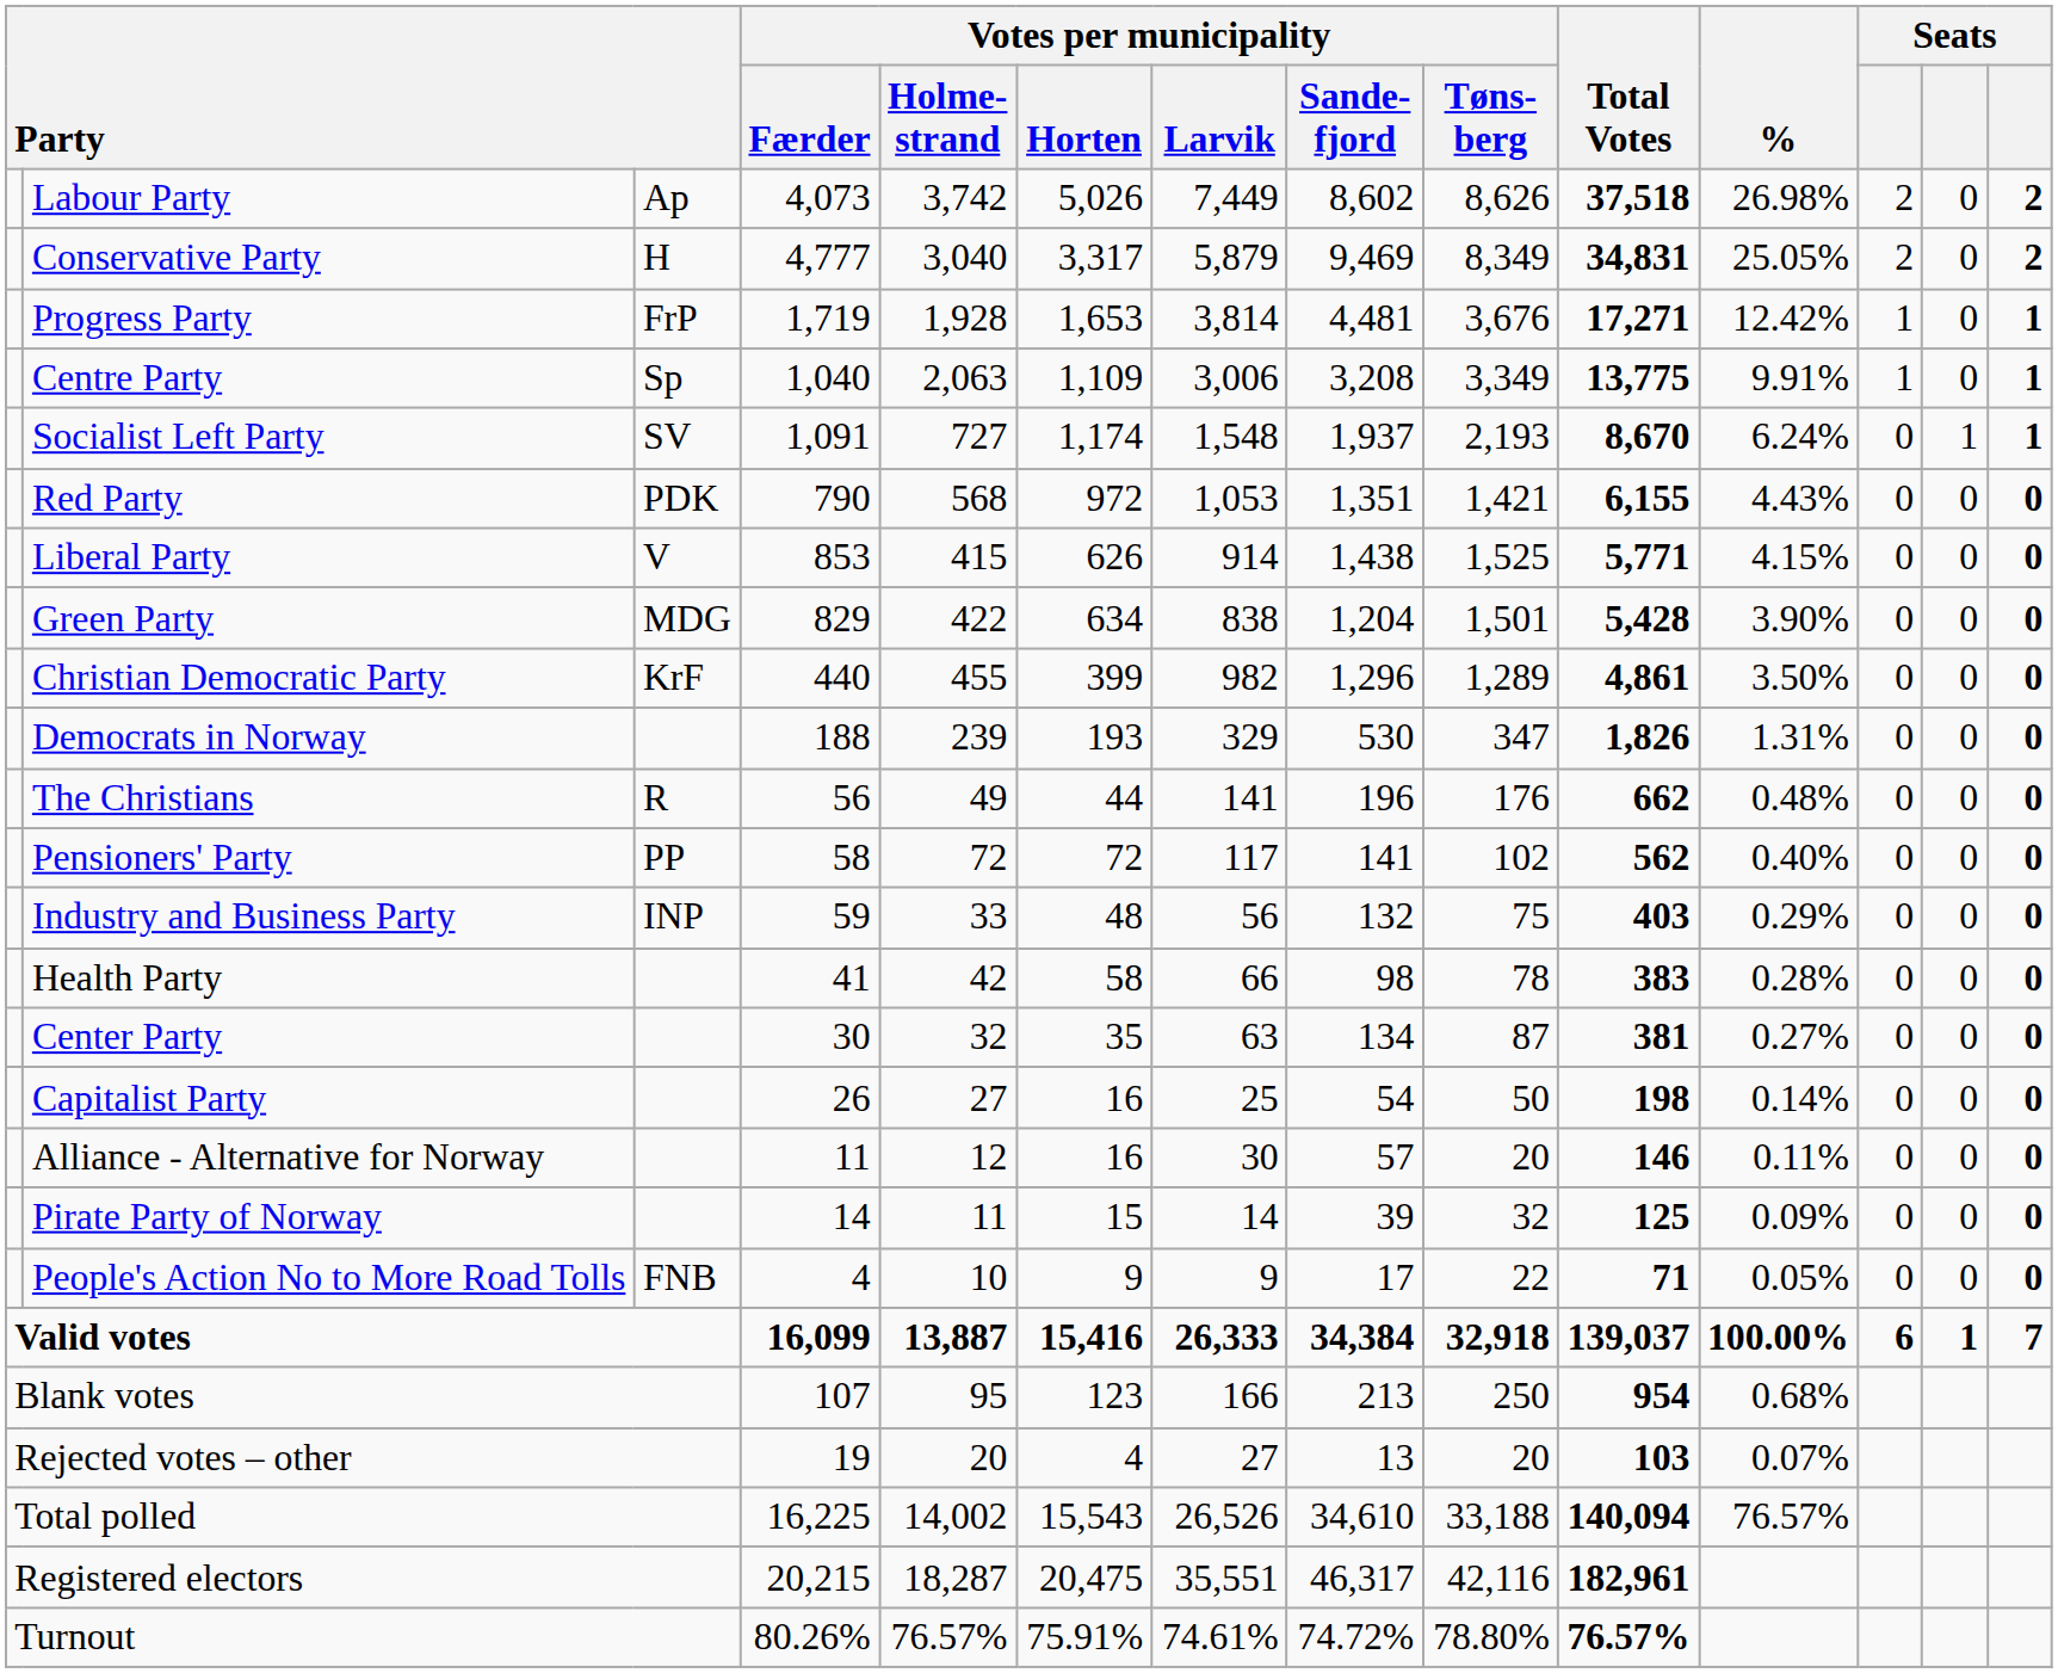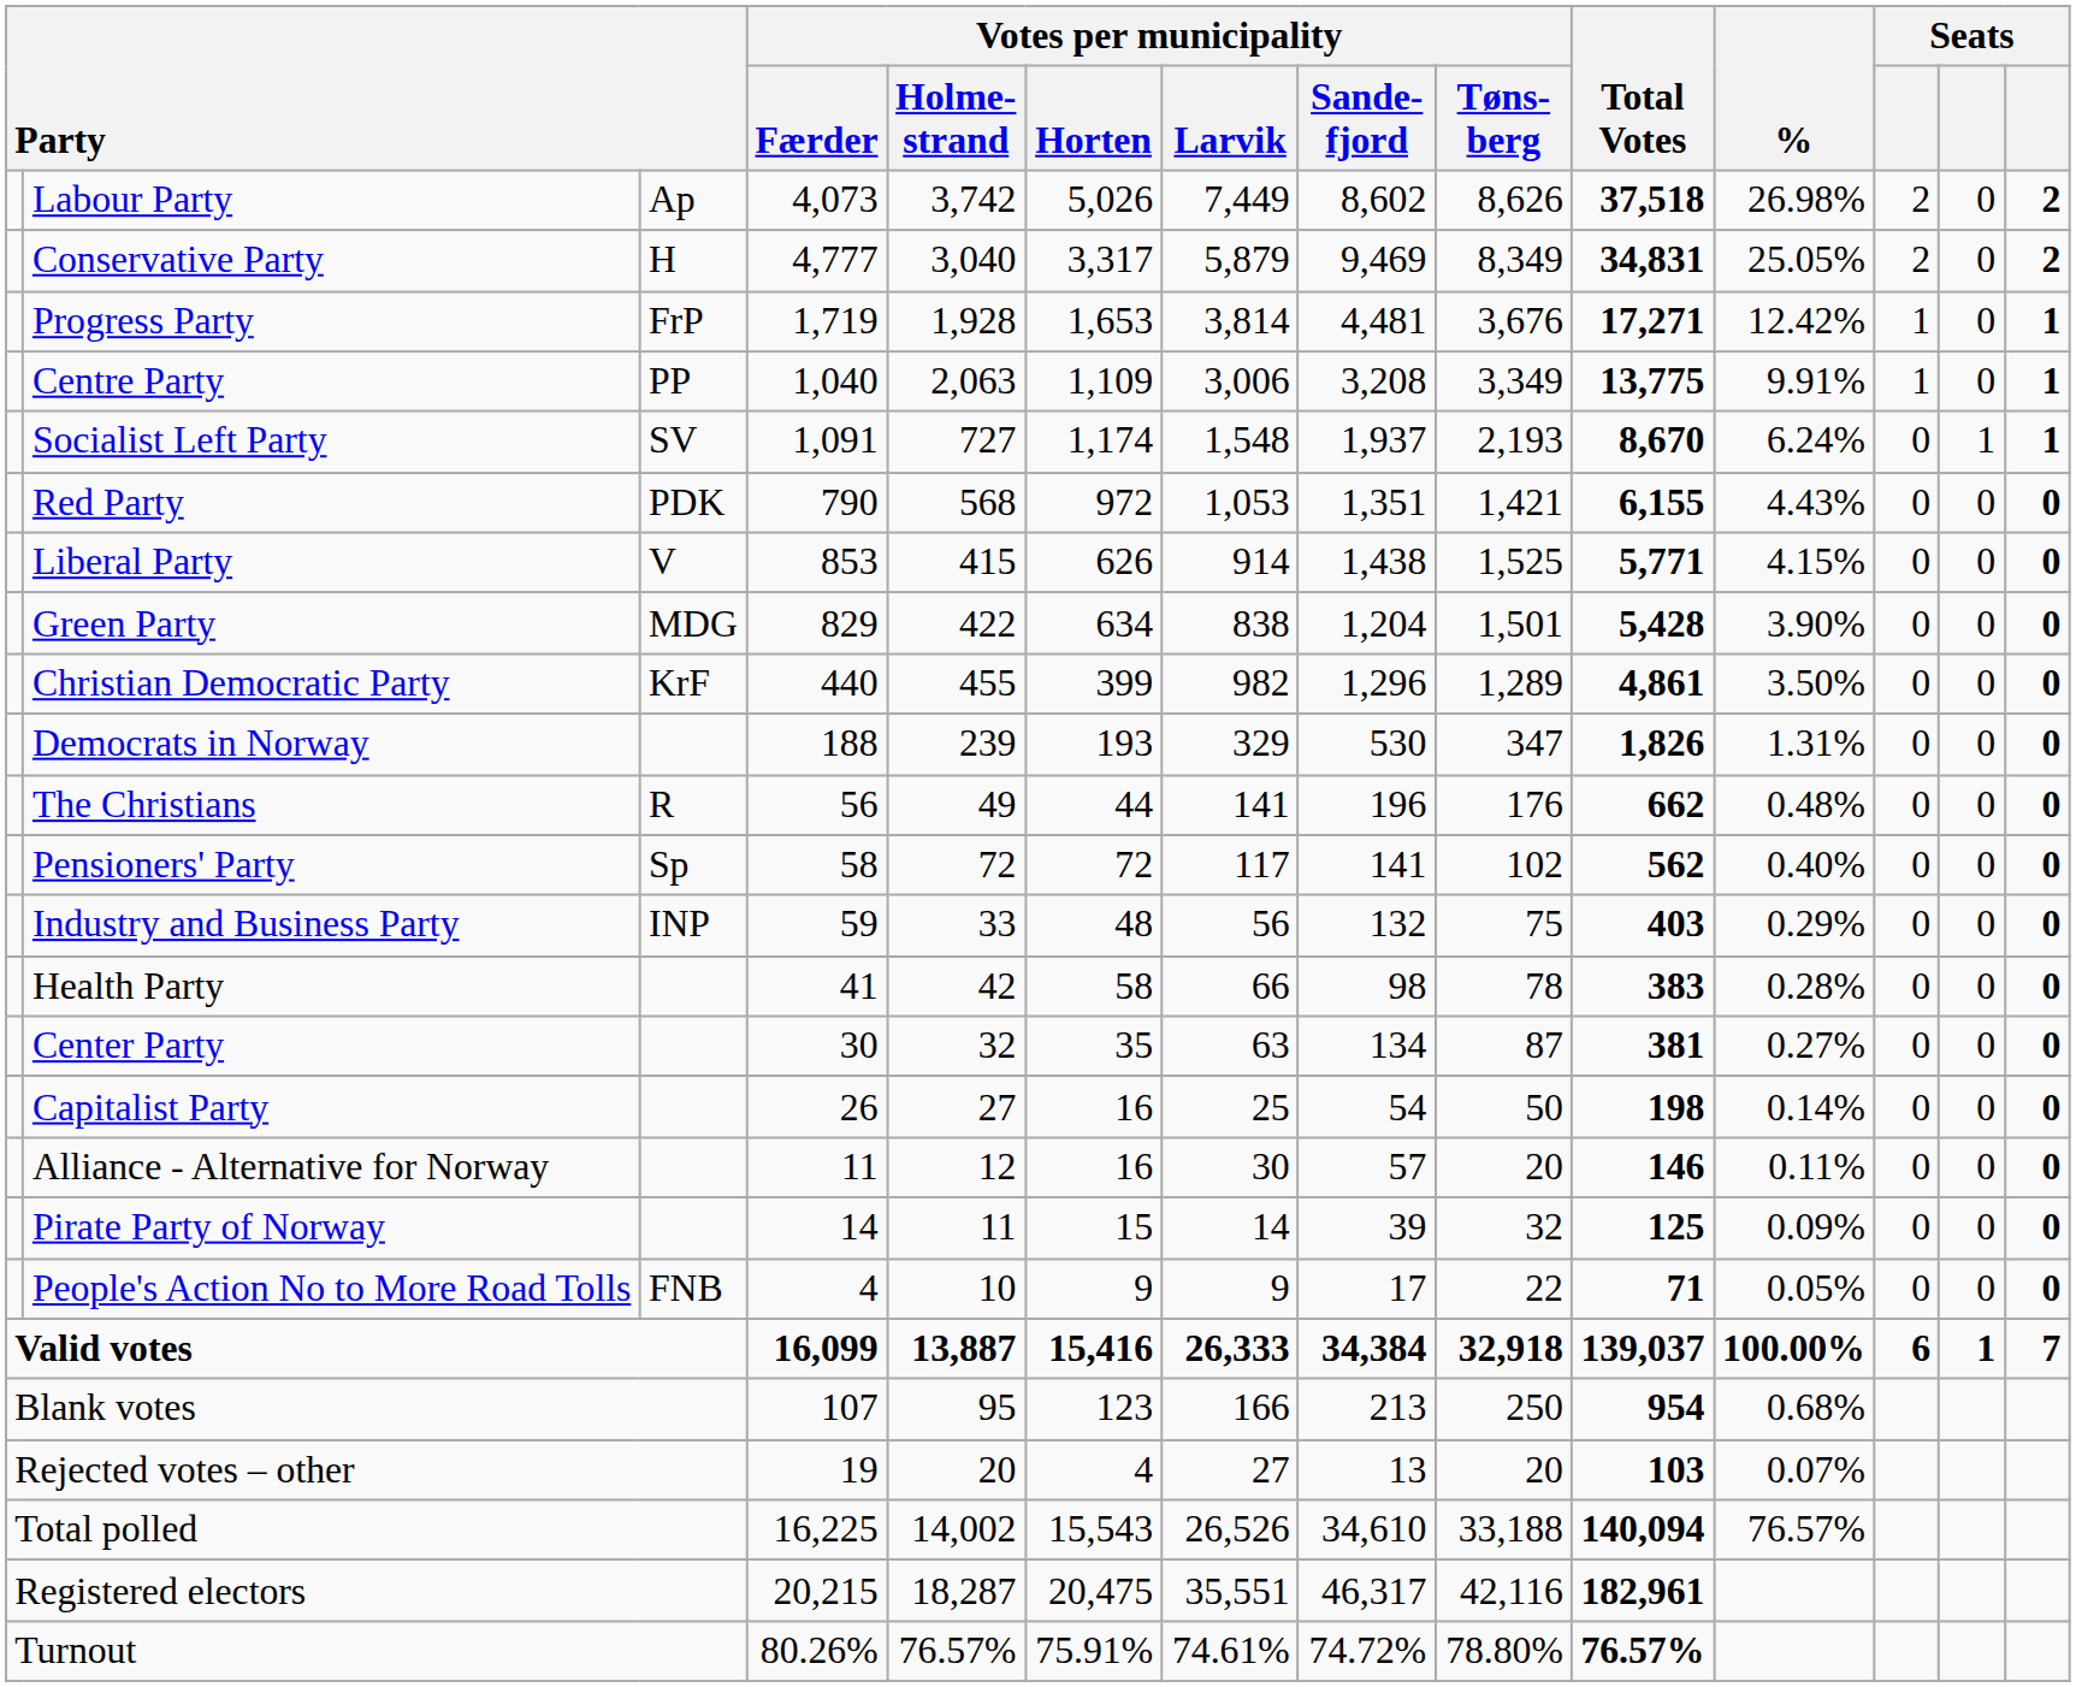 <table class="wikitable" border="1" style="text-align:right;">
 <tr>
 <th style="text-align:left;" valign=bottom rowspan=2 colspan=3>Party</th>
 <th colspan=6>Votes per municipality</th>
 <th align=center valign=bottom rowspan=2 width="50">Total Votes</th>
 <th align=center valign=bottom rowspan=2 width="50">%</th>
 <th colspan=3>Seats</th>
 </tr>
 <tr>
 <th align=center valign=bottom width="50"><a href='#'>Færder</a></th>
 <th align=center valign=bottom width="50"><a href='#'>Holme- strand</a></th>
 <th align=center valign=bottom width="50"><a href='#'>Horten</a></th>
 <th align=center valign=bottom width="50"><a href='#'>Larvik</a></th>
 <th align=center valign=bottom width="50"><a href='#'>Sande- fjord</a></th>
 <th align=center valign=bottom width="50"><a href='#'>Tøns- berg</a></th>
 <th align=center valign=bottom width="20"><small></small></th>
 <th align=center valign=bottom width="20"><small><a href='#'></a></small></th>
 <th align=center valign=bottom width="20"><small></small></th>
 </tr>
 <tr>
 <td style="color:inherit;background:"></td>
 <td align=left><a href='#'>Labour Party</a></td>
 <td align=left>Ap</td>
 <td>4,073</td>
 <td>3,742</td>
 <td>5,026</td>
 <td>7,449</td>
 <td>8,602</td>
 <td>8,626</td>
 <td><strong>37,518</strong></td>
 <td>26.98%</td>
 <td>2</td>
 <td>0</td>
 <td><strong>2</strong></td>
 </tr>
 <tr>
 <td style="color:inherit;background:"></td>
 <td align=left><a href='#'>Conservative Party</a></td>
 <td align=left>H</td>
 <td>4,777</td>
 <td>3,040</td>
 <td>3,317</td>
 <td>5,879</td>
 <td>9,469</td>
 <td>8,349</td>
 <td><strong>34,831</strong></td>
 <td>25.05%</td>
 <td>2</td>
 <td>0</td>
 <td><strong>2</strong></td>
 </tr>
 <tr>
 <td style="color:inherit;background:"></td>
 <td align=left><a href='#'>Progress Party</a></td>
 <td align=left>FrP</td>
 <td>1,719</td>
 <td>1,928</td>
 <td>1,653</td>
 <td>3,814</td>
 <td>4,481</td>
 <td>3,676</td>
 <td><strong>17,271</strong></td>
 <td>12.42%</td>
 <td>1</td>
 <td>0</td>
 <td><strong>1</strong></td>
 </tr>
 <tr>
 <td style="color:inherit;background:"></td>
 <td align=left><a href='#'>Centre Party</a></td>
-<td align=left>Sp</td>
+<td align=left>PP</td>
 <td>1,040</td>
 <td>2,063</td>
 <td>1,109</td>
 <td>3,006</td>
 <td>3,208</td>
 <td>3,349</td>
 <td><strong>13,775</strong></td>
 <td>9.91%</td>
 <td>1</td>
 <td>0</td>
 <td><strong>1</strong></td>
 </tr>
 <tr>
 <td style="color:inherit;background:"></td>
 <td align=left><a href='#'>Socialist Left Party</a></td>
 <td align=left>SV</td>
 <td>1,091</td>
 <td>727</td>
 <td>1,174</td>
 <td>1,548</td>
 <td>1,937</td>
 <td>2,193</td>
 <td><strong>8,670</strong></td>
 <td>6.24%</td>
 <td>0</td>
 <td>1</td>
 <td><strong>1</strong></td>
 </tr>
 <tr>
 <td style="color:inherit;background:"></td>
 <td align=left><a href='#'>Red Party</a></td>
 <td align=left>PDK</td>
 <td>790</td>
 <td>568</td>
 <td>972</td>
 <td>1,053</td>
 <td>1,351</td>
 <td>1,421</td>
 <td><strong>6,155</strong></td>
 <td>4.43%</td>
 <td>0</td>
 <td>0</td>
 <td><strong>0</strong></td>
 </tr>
 <tr>
 <td style="color:inherit;background:"></td>
 <td align=left><a href='#'>Liberal Party</a></td>
 <td align=left>V</td>
 <td>853</td>
 <td>415</td>
 <td>626</td>
 <td>914</td>
 <td>1,438</td>
 <td>1,525</td>
 <td><strong>5,771</strong></td>
 <td>4.15%</td>
 <td>0</td>
 <td>0</td>
 <td><strong>0</strong></td>
 </tr>
 <tr>
 <td style="color:inherit;background:"></td>
 <td align=left><a href='#'>Green Party</a></td>
 <td align=left>MDG</td>
 <td>829</td>
 <td>422</td>
 <td>634</td>
 <td>838</td>
 <td>1,204</td>
 <td>1,501</td>
 <td><strong>5,428</strong></td>
 <td>3.90%</td>
 <td>0</td>
 <td>0</td>
 <td><strong>0</strong></td>
 </tr>
 <tr>
 <td style="color:inherit;background:"></td>
 <td align=left><a href='#'>Christian Democratic Party</a></td>
 <td align=left>KrF</td>
 <td>440</td>
 <td>455</td>
 <td>399</td>
 <td>982</td>
 <td>1,296</td>
 <td>1,289</td>
 <td><strong>4,861</strong></td>
 <td>3.50%</td>
 <td>0</td>
 <td>0</td>
 <td><strong>0</strong></td>
 </tr>
 <tr>
 <td style="color:inherit;background:"></td>
 <td align=left><a href='#'>Democrats in Norway</a></td>
 <td align=left></td>
 <td>188</td>
 <td>239</td>
 <td>193</td>
 <td>329</td>
 <td>530</td>
 <td>347</td>
 <td><strong>1,826</strong></td>
 <td>1.31%</td>
 <td>0</td>
 <td>0</td>
 <td><strong>0</strong></td>
 </tr>
 <tr>
 <td style="color:inherit;background:"></td>
 <td align=left><a href='#'>The Christians</a></td>
 <td align=left>R</td>
 <td>56</td>
 <td>49</td>
 <td>44</td>
 <td>141</td>
 <td>196</td>
 <td>176</td>
 <td><strong>662</strong></td>
 <td>0.48%</td>
 <td>0</td>
 <td>0</td>
 <td><strong>0</strong></td>
 </tr>
 <tr>
 <td style="color:inherit;background:"></td>
 <td align=left><a href='#'>Pensioners' Party</a></td>
-<td align=left>PP</td>
+<td align=left>Sp</td>
 <td>58</td>
 <td>72</td>
 <td>72</td>
 <td>117</td>
 <td>141</td>
 <td>102</td>
 <td><strong>562</strong></td>
 <td>0.40%</td>
 <td>0</td>
 <td>0</td>
 <td><strong>0</strong></td>
 </tr>
 <tr>
 <td style="color:inherit;background:"></td>
 <td align=left><a href='#'>Industry and Business Party</a></td>
 <td align=left>INP</td>
 <td>59</td>
 <td>33</td>
 <td>48</td>
 <td>56</td>
 <td>132</td>
 <td>75</td>
 <td><strong>403</strong></td>
 <td>0.29%</td>
 <td>0</td>
 <td>0</td>
 <td><strong>0</strong></td>
 </tr>
 <tr>
 <td></td>
 <td align=left>Health Party</td>
 <td align=left></td>
 <td>41</td>
 <td>42</td>
 <td>58</td>
 <td>66</td>
 <td>98</td>
 <td>78</td>
 <td><strong>383</strong></td>
 <td>0.28%</td>
 <td>0</td>
 <td>0</td>
 <td><strong>0</strong></td>
 </tr>
 <tr>
 <td style="color:inherit;background:"></td>
 <td align=left><a href='#'>Center Party</a></td>
 <td align=left></td>
 <td>30</td>
 <td>32</td>
 <td>35</td>
 <td>63</td>
 <td>134</td>
 <td>87</td>
 <td><strong>381</strong></td>
 <td>0.27%</td>
 <td>0</td>
 <td>0</td>
 <td><strong>0</strong></td>
 </tr>
 <tr>
 <td style="color:inherit;background:"></td>
 <td align=left><a href='#'>Capitalist Party</a></td>
 <td align=left></td>
 <td>26</td>
 <td>27</td>
 <td>16</td>
 <td>25</td>
 <td>54</td>
 <td>50</td>
 <td><strong>198</strong></td>
 <td>0.14%</td>
 <td>0</td>
 <td>0</td>
 <td><strong>0</strong></td>
 </tr>
 <tr>
 <td></td>
 <td align=left>Alliance - Alternative for Norway</td>
 <td align=left></td>
 <td>11</td>
 <td>12</td>
 <td>16</td>
 <td>30</td>
 <td>57</td>
 <td>20</td>
 <td><strong>146</strong></td>
 <td>0.11%</td>
 <td>0</td>
 <td>0</td>
 <td><strong>0</strong></td>
 </tr>
 <tr>
 <td style="color:inherit;background:"></td>
 <td align=left><a href='#'>Pirate Party of Norway</a></td>
 <td align=left></td>
 <td>14</td>
 <td>11</td>
 <td>15</td>
 <td>14</td>
 <td>39</td>
 <td>32</td>
 <td><strong>125</strong></td>
 <td>0.09%</td>
 <td>0</td>
 <td>0</td>
 <td><strong>0</strong></td>
 </tr>
 <tr>
 <td style="color:inherit;background:"></td>
 <td align=left><a href='#'>People's Action No to More Road Tolls</a></td>
 <td align=left>FNB</td>
 <td>4</td>
 <td>10</td>
 <td>9</td>
 <td>9</td>
 <td>17</td>
 <td>22</td>
 <td><strong>71</strong></td>
 <td>0.05%</td>
 <td>0</td>
 <td>0</td>
 <td><strong>0</strong></td>
 </tr>
 <tr style="font-weight:bold">
 <td align=left colspan=3>Valid votes</td>
 <td>16,099</td>
 <td>13,887</td>
 <td>15,416</td>
 <td>26,333</td>
 <td>34,384</td>
 <td>32,918</td>
 <td>139,037</td>
 <td>100.00%</td>
 <td>6</td>
 <td>1</td>
 <td>7</td>
 </tr>
 <tr>
 <td align=left colspan=3>Blank votes</td>
 <td>107</td>
 <td>95</td>
 <td>123</td>
 <td>166</td>
 <td>213</td>
 <td>250</td>
 <td><strong>954</strong></td>
 <td>0.68%</td>
 <td></td>
 <td></td>
 <td></td>
 </tr>
 <tr>
 <td align=left colspan=3>Rejected votes – other</td>
 <td>19</td>
 <td>20</td>
 <td>4</td>
 <td>27</td>
 <td>13</td>
 <td>20</td>
 <td><strong>103</strong></td>
 <td>0.07%</td>
 <td></td>
 <td></td>
 <td></td>
 </tr>
 <tr>
 <td align=left colspan=3>Total polled</td>
 <td>16,225</td>
 <td>14,002</td>
 <td>15,543</td>
 <td>26,526</td>
 <td>34,610</td>
 <td>33,188</td>
 <td><strong>140,094</strong></td>
 <td>76.57%</td>
 <td></td>
 <td></td>
 <td></td>
 </tr>
 <tr>
 <td align=left colspan=3>Registered electors</td>
 <td>20,215</td>
 <td>18,287</td>
 <td>20,475</td>
 <td>35,551</td>
 <td>46,317</td>
 <td>42,116</td>
 <td><strong>182,961</strong></td>
 <td></td>
 <td></td>
 <td></td>
 <td></td>
 </tr>
 <tr>
 <td align=left colspan=3>Turnout</td>
 <td>80.26%</td>
 <td>76.57%</td>
 <td>75.91%</td>
 <td>74.61%</td>
 <td>74.72%</td>
 <td>78.80%</td>
 <td><strong>76.57%</strong></td>
 <td></td>
 <td></td>
 <td></td>
 <td></td>
 </tr>
 </table>
